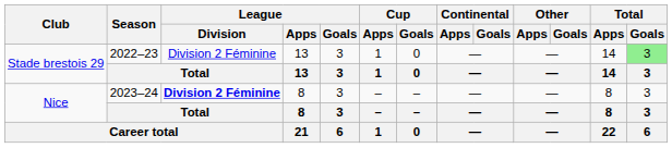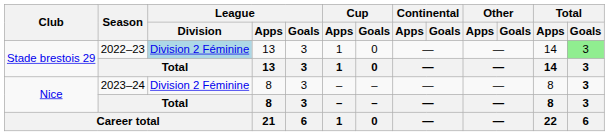 <table class="wikitable" style="text-align: center;">
 <tr>
 <th rowspan="2">Club</th>
 <th rowspan="2">Season</th>
 <th colspan="3">League</th>
 <th colspan="2">Cup</th>
 <th colspan="2">Continental</th>
 <th colspan="2">Other</th>
 <th colspan="2">Total</th>
 </tr>
 <tr>
 <th>Division</th>
 <th>Apps</th>
 <th>Goals</th>
 <th>Apps</th>
 <th>Goals</th>
 <th>Apps</th>
 <th>Goals</th>
 <th>Apps</th>
 <th>Goals</th>
 <th>Apps</th>
 <th>Goals</th>
 </tr>
 <tr>
 <td rowspan="2"><a href='#'>Stade brestois 29</a></td>
 <td>2022–23</td>
-<td rowspan="1"><a href='#'>Division 2 Féminine</a></td>
+<td rowspan="1" style="background: lightblue;"><a href='#'>Division 2 Féminine</a></td>
 <td>13</td>
 <td>3</td>
 <td>1</td>
 <td>0</td>
 <td colspan="2">—</td>
 <td colspan="2">—</td>
 <td>14</td>
 <td style="background: lightgreen;">3</td>
 </tr>
 <tr>
 <th colspan="2">Total</th>
 <th>13</th>
 <th>3</th>
 <th>1</th>
 <th>0</th>
 <th colspan="2">—</th>
 <th colspan="2">—</th>
 <th>14</th>
 <th>3</th>
 </tr>
 <tr>
 <td rowspan="2"><a href='#'>Nice</a></td>
 <td>2023–24</td>
-<td rowspan="1"><strong><a href='#'>Division 2 Féminine</a></strong></td>
+<td rowspan="1"><a href='#'>Division 2 Féminine</a></td>
 <td>8</td>
 <td>3</td>
 <td>–</td>
 <td>–</td>
 <td colspan="2">—</td>
 <td colspan="2">—</td>
 <td>8</td>
-<td>3</td>
+<td><strong>3</strong></td>
 </tr>
 <tr>
 <th colspan="2">Total</th>
 <th>8</th>
 <th>3</th>
 <th>–</th>
 <th>–</th>
 <th colspan="2">—</th>
 <th colspan="2">—</th>
 <th>8</th>
 <th>3</th>
 </tr>
 <tr>
 <th colspan="3">Career total</th>
 <th>21</th>
 <th>6</th>
 <th>1</th>
 <th>0</th>
 <th colspan="2">—</th>
 <th colspan="2">—</th>
 <th>22</th>
 <th>6</th>
 </tr>
 </table>
